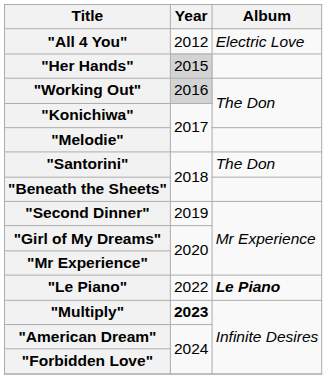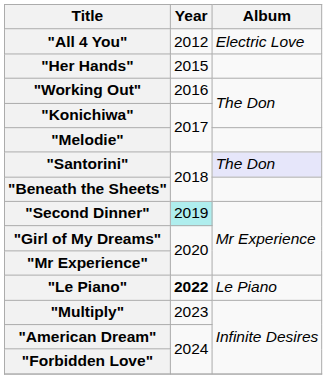 <table class="wikitable plainrowheaders" border="1">
 <tr>
 <th scope="col">Title</th>
 <th scope="col">Year</th>
 <th scope="col">Album</th>
 </tr>
 <tr>
 <th scope="row">"All 4 You"</th>
 <td>2012</td>
 <td><em>Electric Love</em></td>
 </tr>
 <tr>
 <th scope="row">"Her Hands" </th>
-<td style="background: lightgrey;">2015</td>
+<td>2015</td>
 <td></td>
 </tr>
 <tr>
 <th scope="row">"Working Out"</th>
-<td style="background: lightgrey;">2016</td>
+<td>2016</td>
 <td rowspan="2"><em>The Don</em></td>
 </tr>
 <tr>
 <th scope="row">"Konichiwa"</th>
 <td rowspan="2">2017</td>
 </tr>
 <tr>
 <th scope="row">"Melodie"</th>
 <td></td>
 </tr>
 <tr>
 <th scope="row">"Santorini"</th>
 <td rowspan="2">2018</td>
-<td><em>The Don</em></td>
+<td style="background: lavender;"><em>The Don</em></td>
 </tr>
 <tr>
 <th scope="row">"Beneath the Sheets"</th>
 <td></td>
 </tr>
 <tr>
 <th scope="row">"Second Dinner"</th>
-<td>2019</td>
+<td style="background: paleturquoise;">2019</td>
 <td rowspan="3"><em>Mr Experience</em></td>
 </tr>
 <tr>
 <th scope="row">"Girl of My Dreams"</th>
 <td rowspan="2">2020</td>
 </tr>
 <tr>
 <th scope="row">"Mr Experience"</th>
 </tr>
 <tr>
 <th scope="row">"Le Piano"</th>
-<td>2022</td>
-<td><strong><em>Le Piano</em></strong></td>
+<td><strong>2022</strong></td>
+<td><em>Le Piano</em></td>
 </tr>
 <tr>
 <th scope="row">"Multiply"</th>
-<td><strong>2023</strong></td>
+<td>2023</td>
 <td rowspan="3"><em>Infinite Desires</em></td>
 </tr>
 <tr>
 <th scope="row">"American Dream"</th>
 <td rowspan="2">2024</td>
 </tr>
 <tr>
 <th scope="row">"Forbidden Love"</th>
 </tr>
 <tr>
 </tr>
 </table>
